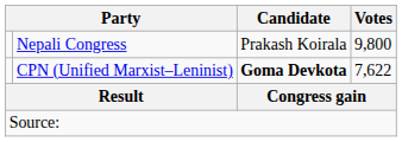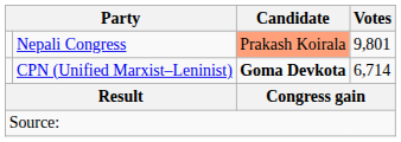 <table class="wikitable">
 <tr>
 <th colspan="2">Party</th>
 <th>Candidate</th>
 <th>Votes</th>
 </tr>
 <tr>
 <td style="background-color:"></td>
 <td><a href='#'>Nepali Congress</a></td>
-<td>Prakash Koirala</td>
-<td>9,800</td>
+<td style="background: lightsalmon;">Prakash Koirala</td>
+<td>9,801</td>
 </tr>
 <tr>
 <td style="background-color:"></td>
 <td><a href='#'>CPN (Unified Marxist–Leninist)</a></td>
 <td><strong>Goma Devkota</strong></td>
-<td>7,622</td>
+<td>6,714</td>
 </tr>
 <tr>
 <th colspan="2">Result</th>
 <th colspan="2">Congress gain</th>
 </tr>
 <tr>
 <td colspan="4">Source: </td>
 </tr>
 </table>
